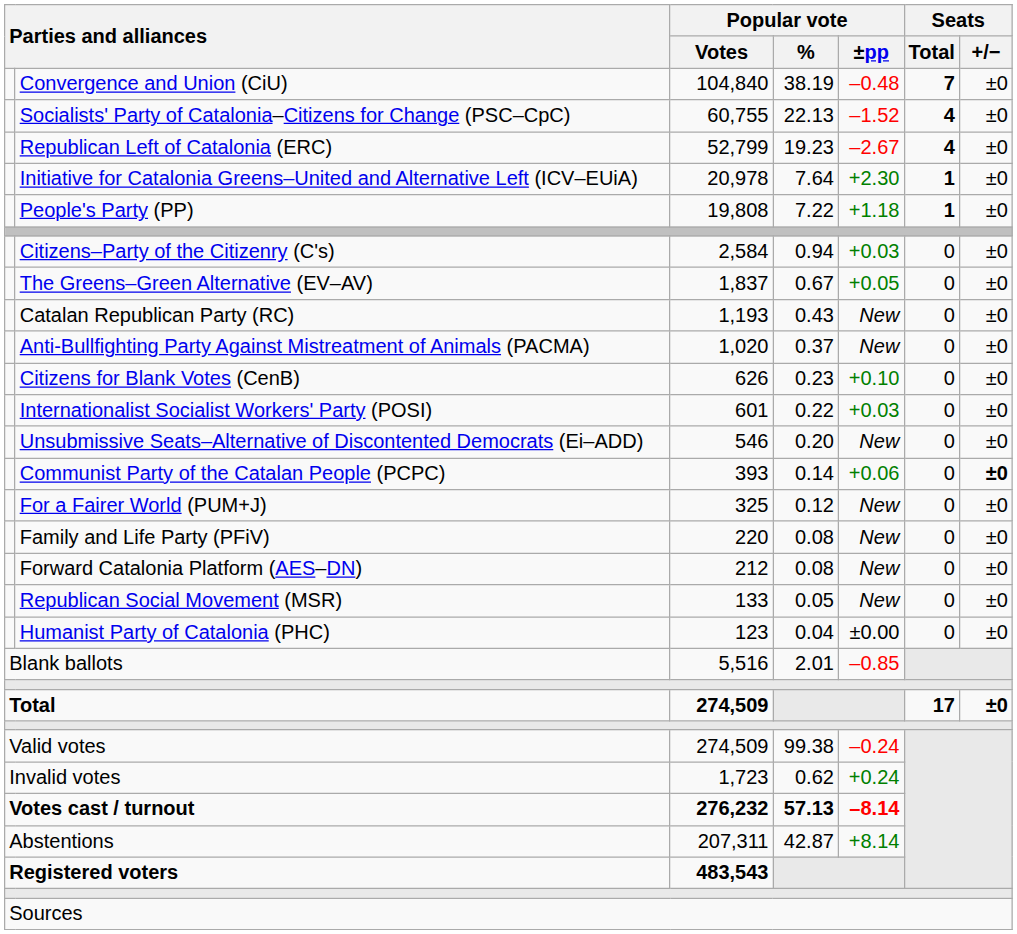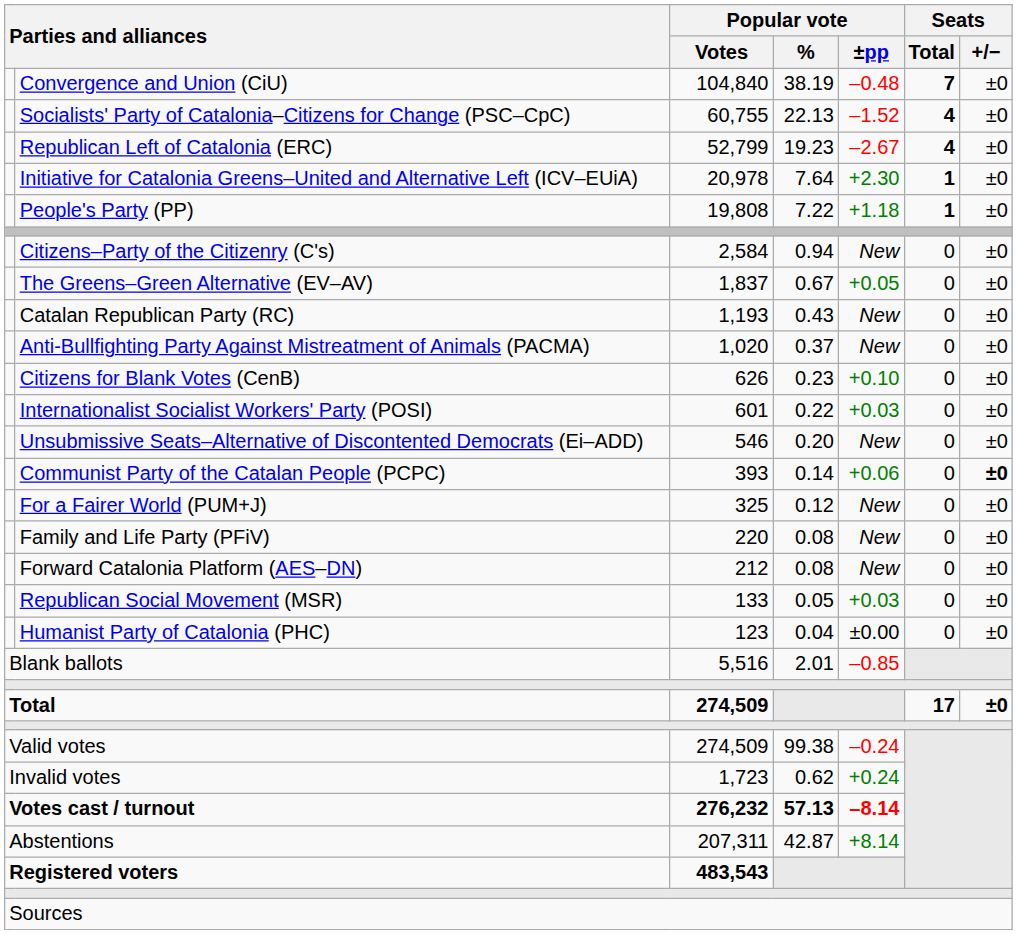 <table class="wikitable" style="text-align:right;">
 <tr>
 <th style="text-align:left;" rowspan="2" colspan="2" width="525">Parties and alliances</th>
 <th colspan="3">Popular vote</th>
 <th colspan="2">Seats</th>
 </tr>
 <tr>
 <th width="75">Votes</th>
 <th width="45">%</th>
 <th width="45">±<a href='#'>pp</a></th>
 <th width="35">Total</th>
 <th width="35">+/−</th>
 </tr>
 <tr>
 <td width="1" style="color:inherit;background:"></td>
 <td align="left"><a href='#'>Convergence and Union</a> (CiU)</td>
 <td>104,840</td>
 <td>38.19</td>
 <td style="color:red;">–0.48</td>
 <td><strong>7</strong></td>
 <td>±0</td>
 </tr>
 <tr>
 <td style="color:inherit;background:"></td>
 <td align="left"><a href='#'>Socialists' Party of Catalonia</a>–<a href='#'>Citizens for Change</a> (PSC–CpC)</td>
 <td>60,755</td>
 <td>22.13</td>
 <td style="color:red;">–1.52</td>
 <td><strong>4</strong></td>
 <td>±0</td>
 </tr>
 <tr>
 <td style="color:inherit;background:"></td>
 <td align="left"><a href='#'>Republican Left of Catalonia</a> (ERC)</td>
 <td>52,799</td>
 <td>19.23</td>
 <td style="color:red;">–2.67</td>
 <td><strong>4</strong></td>
 <td>±0</td>
 </tr>
 <tr>
 <td style="color:inherit;background:"></td>
 <td align="left"><a href='#'>Initiative for Catalonia Greens–United and Alternative Left</a> (ICV–EUiA)</td>
 <td>20,978</td>
 <td>7.64</td>
 <td style="color:green;">+2.30</td>
 <td><strong>1</strong></td>
 <td>±0</td>
 </tr>
 <tr>
 <td style="color:inherit;background:"></td>
 <td align="left"><a href='#'>People's Party</a> (PP)</td>
 <td>19,808</td>
 <td>7.22</td>
 <td style="color:green;">+1.18</td>
 <td><strong>1</strong></td>
 <td>±0</td>
 </tr>
 <tr>
 <td colspan="7" bgcolor="#C0C0C0"></td>
 </tr>
 <tr>
 <td style="color:inherit;background:"></td>
 <td align="left"><a href='#'>Citizens–Party of the Citizenry</a> (C's)</td>
 <td>2,584</td>
 <td>0.94</td>
-<td style="color:green;">+0.03</td>
+<td><em>New</em></td>
 <td>0</td>
 <td>±0</td>
 </tr>
 <tr>
 <td style="color:inherit;background:"></td>
 <td align="left"><a href='#'>The Greens–Green Alternative</a> (EV–AV)</td>
 <td>1,837</td>
 <td>0.67</td>
 <td style="color:green;">+0.05</td>
 <td>0</td>
 <td>±0</td>
 </tr>
 <tr>
 <td style="color:inherit;background:"></td>
 <td align="left">Catalan Republican Party (RC)</td>
 <td>1,193</td>
 <td>0.43</td>
 <td><em>New</em></td>
 <td>0</td>
 <td>±0</td>
 </tr>
 <tr>
 <td style="color:inherit;background:"></td>
 <td align="left"><a href='#'>Anti-Bullfighting Party Against Mistreatment of Animals</a> (PACMA)</td>
 <td>1,020</td>
 <td>0.37</td>
 <td><em>New</em></td>
 <td>0</td>
 <td>±0</td>
 </tr>
 <tr>
 <td style="color:inherit;background:"></td>
 <td align="left"><a href='#'>Citizens for Blank Votes</a> (CenB)</td>
 <td>626</td>
 <td>0.23</td>
 <td style="color:green;">+0.10</td>
 <td>0</td>
 <td>±0</td>
 </tr>
 <tr>
 <td style="color:inherit;background:"></td>
 <td align="left"><a href='#'>Internationalist Socialist Workers' Party</a> (POSI)</td>
 <td>601</td>
 <td>0.22</td>
 <td style="color:green;">+0.03</td>
 <td>0</td>
 <td>±0</td>
 </tr>
 <tr>
 <td style="color:inherit;background:"></td>
 <td align="left"><a href='#'>Unsubmissive Seats–Alternative of Discontented Democrats</a> (Ei–ADD)</td>
 <td>546</td>
 <td>0.20</td>
 <td><em>New</em></td>
 <td>0</td>
 <td>±0</td>
 </tr>
 <tr>
 <td style="color:inherit;background:"></td>
 <td align="left"><a href='#'>Communist Party of the Catalan People</a> (PCPC)</td>
 <td>393</td>
 <td>0.14</td>
 <td style="color:green;">+0.06</td>
 <td>0</td>
 <td><strong>±0</strong></td>
 </tr>
 <tr>
 <td style="color:inherit;background:"></td>
 <td align="left"><a href='#'>For a Fairer World</a> (PUM+J)</td>
 <td>325</td>
 <td>0.12</td>
 <td><em>New</em></td>
 <td>0</td>
 <td>±0</td>
 </tr>
 <tr>
 <td style="color:inherit;background:"></td>
 <td align="left">Family and Life Party (PFiV)</td>
 <td>220</td>
 <td>0.08</td>
 <td><em>New</em></td>
 <td>0</td>
 <td>±0</td>
 </tr>
 <tr>
 <td style="color:inherit;background:"></td>
 <td align="left">Forward Catalonia Platform (<a href='#'>AES</a>–<a href='#'>DN</a>)</td>
 <td>212</td>
 <td>0.08</td>
 <td><em>New</em></td>
 <td>0</td>
 <td>±0</td>
 </tr>
 <tr>
 <td style="color:inherit;background:"></td>
 <td align="left"><a href='#'>Republican Social Movement</a> (MSR)</td>
 <td>133</td>
 <td>0.05</td>
-<td><em>New</em></td>
+<td style="color:green;">+0.03</td>
 <td>0</td>
 <td>±0</td>
 </tr>
 <tr>
 <td style="color:inherit;background:"></td>
 <td align="left"><a href='#'>Humanist Party of Catalonia</a> (PHC)</td>
 <td>123</td>
 <td>0.04</td>
 <td>±0.00</td>
 <td>0</td>
 <td>±0</td>
 </tr>
 <tr>
 <td align="left" colspan="2">Blank ballots</td>
 <td>5,516</td>
 <td>2.01</td>
 <td style="color:red;">–0.85</td>
 <td bgcolor="#E9E9E9" colspan="2"></td>
 </tr>
 <tr>
 <td colspan="7" bgcolor="#E9E9E9"></td>
 </tr>
 <tr style="font-weight:bold;">
 <td align="left" colspan="2">Total</td>
 <td>274,509</td>
 <td bgcolor="#E9E9E9" colspan="2"></td>
 <td>17</td>
 <td>±0</td>
 </tr>
 <tr>
 <td colspan="7" bgcolor="#E9E9E9"></td>
 </tr>
 <tr>
 <td align="left" colspan="2">Valid votes</td>
 <td>274,509</td>
 <td>99.38</td>
 <td style="color:red;">–0.24</td>
 <td bgcolor="#E9E9E9" colspan="2" rowspan="5"></td>
 </tr>
 <tr>
 <td align="left" colspan="2">Invalid votes</td>
 <td>1,723</td>
 <td>0.62</td>
 <td style="color:green;">+0.24</td>
 </tr>
 <tr style="font-weight:bold;">
 <td align="left" colspan="2">Votes cast / turnout</td>
 <td>276,232</td>
 <td>57.13</td>
 <td style="color:red;">–8.14</td>
 </tr>
 <tr>
 <td align="left" colspan="2">Abstentions</td>
 <td>207,311</td>
 <td>42.87</td>
 <td style="color:green;">+8.14</td>
 </tr>
 <tr style="font-weight:bold;">
 <td align="left" colspan="2">Registered voters</td>
 <td>483,543</td>
 <td bgcolor="#E9E9E9" colspan="2"></td>
 </tr>
 <tr>
 <td colspan="7" bgcolor="#E9E9E9"></td>
 </tr>
 <tr>
 <td align="left" colspan="7">Sources</td>
 </tr>
 </table>
